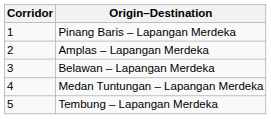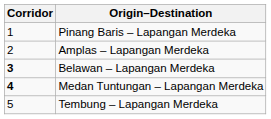 <table class="wikitable">
 <tr>
 <th>Corridor</th>
 <th>Origin–Destination</th>
 </tr>
 <tr>
 <td>1</td>
 <td>Pinang Baris – Lapangan Merdeka</td>
 </tr>
 <tr>
 <td>2</td>
 <td>Amplas – Lapangan Merdeka</td>
 </tr>
 <tr>
-<td>3</td>
+<td><strong>3</strong></td>
 <td>Belawan – Lapangan Merdeka</td>
 </tr>
 <tr>
-<td>4</td>
+<td><strong>4</strong></td>
 <td>Medan Tuntungan – Lapangan Merdeka</td>
 </tr>
 <tr>
 <td>5</td>
 <td>Tembung – Lapangan Merdeka</td>
 </tr>
 </table>
